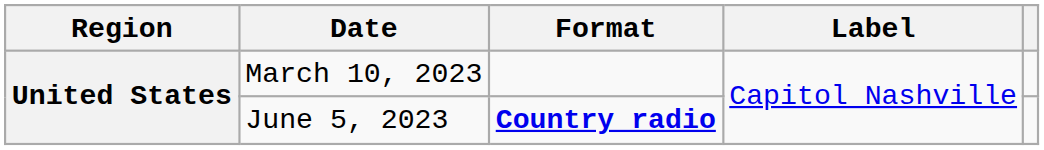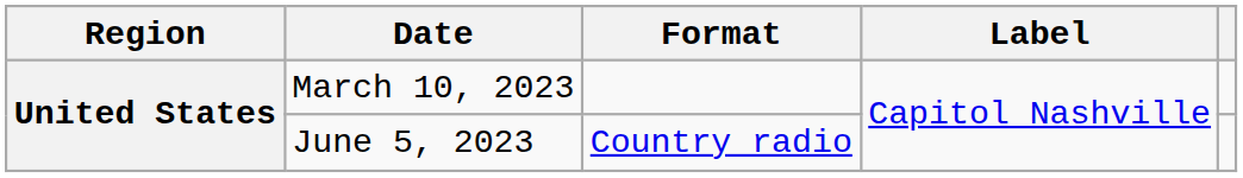 <table class="wikitable plainrowheaders">
 <tr>
 <th scope="col">Region</th>
 <th scope="col">Date</th>
 <th scope="col">Format</th>
 <th scope="col">Label</th>
 <th scope="col"></th>
 </tr>
 <tr>
 <th scope="row" rowspan="2">United States</th>
 <td>March 10, 2023</td>
 <td></td>
 <td rowspan="2"><a href='#'>Capitol Nashville</a></td>
 <td></td>
 </tr>
 <tr>
 <td>June 5, 2023</td>
-<td><strong><a href='#'>Country radio</a></strong></td>
+<td><a href='#'>Country radio</a></td>
 <td></td>
 </tr>
 </table>
